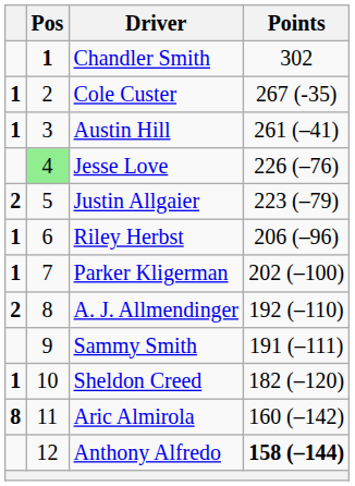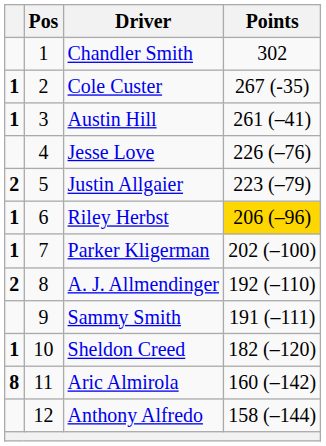 <table class="wikitable" style="font-size: 95%;">
 <tr>
 <th></th>
 <th>Pos</th>
 <th>Driver</th>
 <th>Points</th>
 </tr>
 <tr>
 <td align="left"></td>
-<td style="text-align:center;"><strong>1</strong></td>
+<td style="text-align:center;">1</td>
 <td><a href='#'>Chandler Smith</a></td>
 <td style="text-align:center;">302</td>
 </tr>
 <tr>
 <td align="left"> <strong>1</strong></td>
 <td style="text-align:center;">2</td>
 <td><a href='#'>Cole Custer</a></td>
 <td style="text-align:center;">267 (-35)</td>
 </tr>
 <tr>
 <td align="left"> <strong>1</strong></td>
 <td style="text-align:center;">3</td>
 <td><a href='#'>Austin Hill</a></td>
 <td style="text-align:center;">261 (–41)</td>
 </tr>
 <tr>
 <td align="left"></td>
-<td style="background: lightgreen; text-align:center;">4</td>
+<td style="text-align:center;">4</td>
 <td><a href='#'>Jesse Love</a></td>
 <td style="text-align:center;">226 (–76)</td>
 </tr>
 <tr>
 <td align="left"> <strong>2</strong></td>
 <td style="text-align:center;">5</td>
 <td><a href='#'>Justin Allgaier</a></td>
 <td style="text-align:center;">223 (–79)</td>
 </tr>
 <tr>
 <td align="left"> <strong>1</strong></td>
 <td style="text-align:center;">6</td>
 <td><a href='#'>Riley Herbst</a></td>
-<td style="text-align:center;">206 (–96)</td>
+<td style="background: gold; text-align:center;">206 (–96)</td>
 </tr>
 <tr>
 <td align="left"> <strong>1</strong></td>
 <td style="text-align:center;">7</td>
 <td><a href='#'>Parker Kligerman</a></td>
 <td style="text-align:center;">202 (–100)</td>
 </tr>
 <tr>
 <td align="left"> <strong>2</strong></td>
 <td style="text-align:center;">8</td>
 <td><a href='#'>A. J. Allmendinger</a></td>
 <td style="text-align:center;">192 (–110)</td>
 </tr>
 <tr>
 <td align="left"></td>
 <td style="text-align:center;">9</td>
 <td><a href='#'>Sammy Smith</a></td>
 <td style="text-align:center;">191 (–111)</td>
 </tr>
 <tr>
 <td align="left"> <strong>1</strong></td>
 <td style="text-align:center;">10</td>
 <td><a href='#'>Sheldon Creed</a></td>
 <td style="text-align:center;">182 (–120)</td>
 </tr>
 <tr>
 <td align="left"> <strong>8</strong></td>
 <td style="text-align:center;">11</td>
 <td><a href='#'>Aric Almirola</a></td>
 <td style="text-align:center;">160 (–142)</td>
 </tr>
 <tr>
 <td align="left"></td>
 <td style="text-align:center;">12</td>
 <td><a href='#'>Anthony Alfredo</a></td>
-<td style="text-align:center;"><strong>158 (–144)</strong></td>
+<td style="text-align:center;">158 (–144)</td>
 </tr>
 <tr class="sortbottom">
 <th colspan="9"></th>
 </tr>
 </table>
